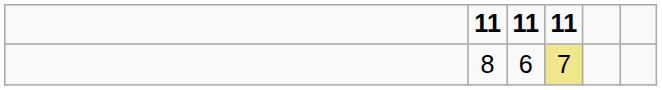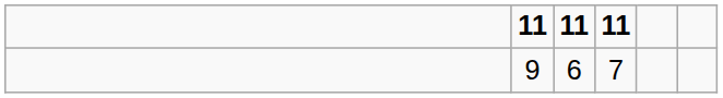 <table class="wikitable">
 <tr>
 <td style="width:18em"><strong></strong></td>
 <td align=center style="width:1em"><strong>11</strong></td>
 <td align=center style="width:1em"><strong>11</strong></td>
 <td align=center style="width:1em"><strong>11</strong></td>
 <td align=center style="width:1em"></td>
 <td align=center style="width:1em"></td>
 </tr>
 <tr>
 <td style="width:18em"></td>
-<td align=center style="width:1em">8</td>
+<td align=center style="width:1em">9</td>
 <td align=center style="width:1em">6</td>
-<td align=center style="background: khaki; width:1em">7</td>
+<td align=center style="width:1em">7</td>
 <td align=center style="width:1em"></td>
 <td align=center style="width:1em"></td>
 </tr>
 </table>
